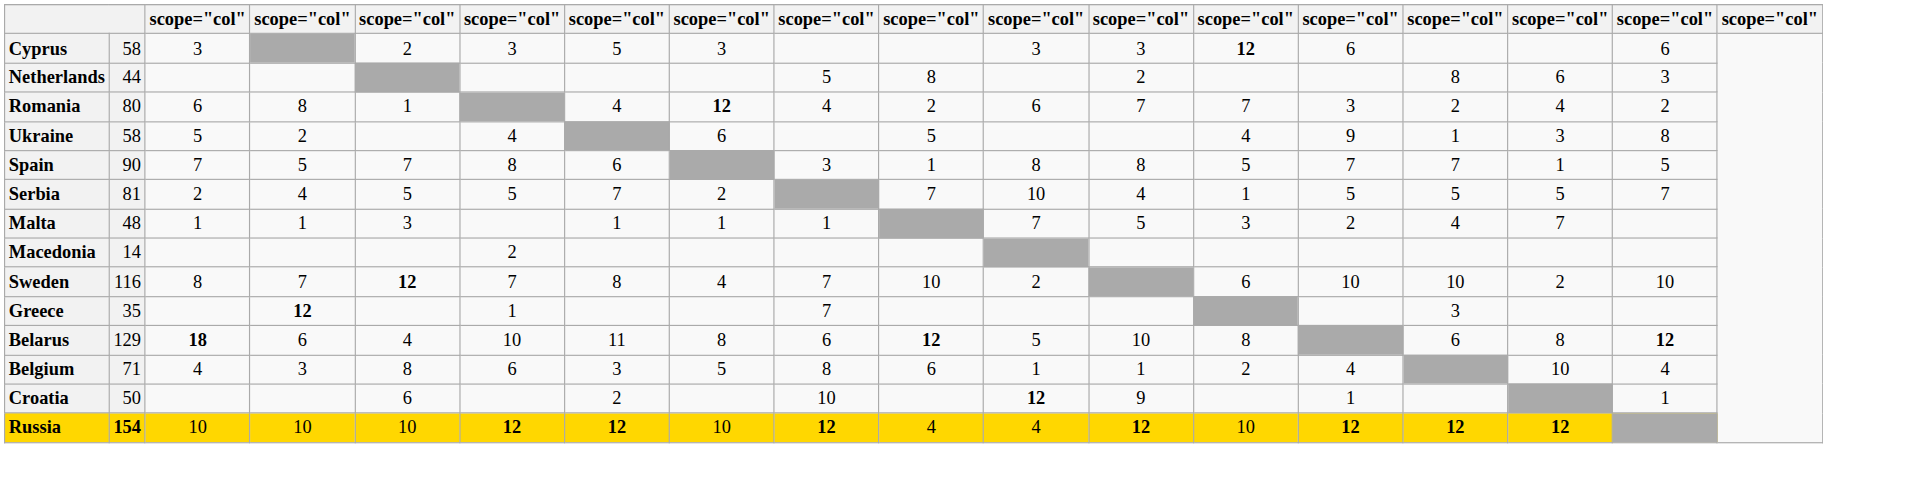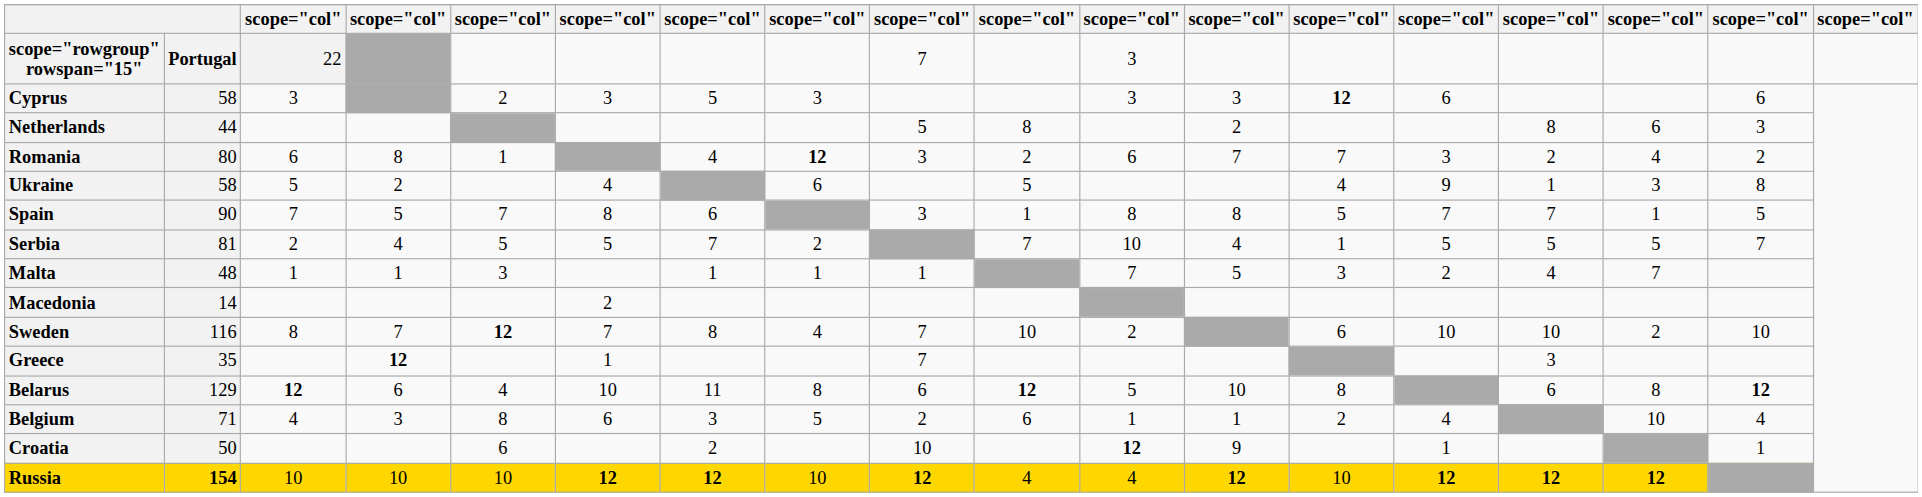 <table class="wikitable plainrowheaders" style="text-align:center;">
 <tr>
 </tr>
 <tr>
 <th colspan="2"></th>
 <th>scope="col" </th>
 <th>scope="col" </th>
 <th>scope="col" </th>
 <th>scope="col" </th>
 <th>scope="col" </th>
 <th>scope="col" </th>
 <th>scope="col" </th>
 <th>scope="col" </th>
 <th>scope="col" </th>
 <th>scope="col" </th>
 <th>scope="col" </th>
 <th>scope="col" </th>
 <th>scope="col" </th>
 <th>scope="col" </th>
 <th>scope="col" </th>
 <th>scope="col" </th>
+</tr>
+<tr>
+<th>scope="rowgroup" rowspan="15" </th>
+<th scope="row" style="text-align:left; background:#f2f2f2;">Portugal</th>
+<td style="text-align:right; background:#f2f2f2;">22</td>
+<td style="text-align:left; background:#aaa;"></td>
+<td></td>
+<td></td>
+<td></td>
+<td></td>
+<td>7</td>
+<td></td>
+<td>3</td>
+<td></td>
+<td></td>
+<td></td>
+<td></td>
+<td></td>
+<td></td>
+<td></td>
 </tr>
 <tr>
 <th scope="row" style="text-align:left; background:#f2f2f2;">Cyprus</th>
 <td style="text-align:right; background:#f2f2f2;">58</td>
 <td>3</td>
 <td style="text-align:left; background:#aaa;"></td>
 <td>2</td>
 <td>3</td>
 <td>5</td>
 <td>3</td>
 <td></td>
 <td></td>
 <td>3</td>
 <td>3</td>
 <td><strong>12</strong></td>
 <td>6</td>
 <td></td>
 <td></td>
 <td>6</td>
 </tr>
 <tr>
 <th scope="row" style="text-align:left; background:#f2f2f2;">Netherlands</th>
 <td style="text-align:right; background:#f2f2f2;">44</td>
 <td></td>
 <td></td>
 <td style="text-align:left; background:#aaa;"></td>
 <td></td>
 <td></td>
 <td></td>
 <td>5</td>
 <td>8</td>
 <td></td>
 <td>2</td>
 <td></td>
 <td></td>
 <td>8</td>
 <td>6</td>
 <td>3</td>
 </tr>
 <tr>
 <th scope="row" style="text-align:left; background:#f2f2f2;">Romania</th>
 <td style="text-align:right; background:#f2f2f2;">80</td>
 <td>6</td>
 <td>8</td>
 <td>1</td>
 <td style="text-align:left; background:#aaa;"></td>
 <td>4</td>
 <td><strong>12</strong></td>
-<td>4</td>
+<td>3</td>
 <td>2</td>
 <td>6</td>
 <td>7</td>
 <td>7</td>
 <td>3</td>
 <td>2</td>
 <td>4</td>
 <td>2</td>
 </tr>
 <tr>
 <th scope="row" style="text-align:left; background:#f2f2f2;">Ukraine</th>
 <td style="text-align:right; background:#f2f2f2;">58</td>
 <td>5</td>
 <td>2</td>
 <td></td>
 <td>4</td>
 <td style="text-align:left; background:#aaa;"></td>
 <td>6</td>
 <td></td>
 <td>5</td>
 <td></td>
 <td></td>
 <td>4</td>
 <td>9</td>
 <td>1</td>
 <td>3</td>
 <td>8</td>
 </tr>
 <tr>
 <th scope="row" style="text-align:left; background:#f2f2f2;">Spain</th>
 <td style="text-align:right; background:#f2f2f2;">90</td>
 <td>7</td>
 <td>5</td>
 <td>7</td>
 <td>8</td>
 <td>6</td>
 <td style="text-align:left; background:#aaa;"></td>
 <td>3</td>
 <td>1</td>
 <td>8</td>
 <td>8</td>
 <td>5</td>
 <td>7</td>
 <td>7</td>
 <td>1</td>
 <td>5</td>
 </tr>
 <tr>
 <th scope="row" style="text-align:left; background:#f2f2f2;">Serbia</th>
 <td style="text-align:right; background:#f2f2f2;">81</td>
 <td>2</td>
 <td>4</td>
 <td>5</td>
 <td>5</td>
 <td>7</td>
 <td>2</td>
 <td style="text-align:left; background:#aaa;"></td>
 <td>7</td>
 <td>10</td>
 <td>4</td>
 <td>1</td>
 <td>5</td>
 <td>5</td>
 <td>5</td>
 <td>7</td>
 </tr>
 <tr>
 <th scope="row" style="text-align:left; background:#f2f2f2;">Malta</th>
 <td style="text-align:right; background:#f2f2f2;">48</td>
 <td>1</td>
 <td>1</td>
 <td>3</td>
 <td></td>
 <td>1</td>
 <td>1</td>
 <td>1</td>
 <td style="text-align:left; background:#aaa;"></td>
 <td>7</td>
 <td>5</td>
 <td>3</td>
 <td>2</td>
 <td>4</td>
 <td>7</td>
 <td></td>
 </tr>
 <tr>
 <th scope="row" style="text-align:left; background:#f2f2f2;">Macedonia</th>
 <td style="text-align:right; background:#f2f2f2;">14</td>
 <td></td>
 <td></td>
 <td></td>
 <td>2</td>
 <td></td>
 <td></td>
 <td></td>
 <td></td>
 <td style="text-align:left; background:#aaa;"></td>
 <td></td>
 <td></td>
 <td></td>
 <td></td>
 <td></td>
 <td></td>
 </tr>
 <tr>
 <th scope="row" style="text-align:left; background:#f2f2f2;">Sweden</th>
 <td style="text-align:right; background:#f2f2f2;">116</td>
 <td>8</td>
 <td>7</td>
 <td><strong>12</strong></td>
 <td>7</td>
 <td>8</td>
 <td>4</td>
 <td>7</td>
 <td>10</td>
 <td>2</td>
 <td style="text-align:left; background:#aaa;"></td>
 <td>6</td>
 <td>10</td>
 <td>10</td>
 <td>2</td>
 <td>10</td>
 </tr>
 <tr>
 <th scope="row" style="text-align:left; background:#f2f2f2;">Greece</th>
 <td style="text-align:right; background:#f2f2f2;">35</td>
 <td></td>
 <td><strong>12</strong></td>
 <td></td>
 <td>1</td>
 <td></td>
 <td></td>
 <td>7</td>
 <td></td>
 <td></td>
 <td></td>
 <td style="text-align:left; background:#aaa;"></td>
 <td></td>
 <td>3</td>
 <td></td>
 <td></td>
 </tr>
 <tr>
 <th scope="row" style="text-align:left; background:#f2f2f2;">Belarus</th>
 <td style="text-align:right; background:#f2f2f2;">129</td>
-<td><strong>18</strong></td>
+<td><strong>12</strong></td>
 <td>6</td>
 <td>4</td>
 <td>10</td>
 <td>11</td>
 <td>8</td>
 <td>6</td>
 <td><strong>12</strong></td>
 <td>5</td>
 <td>10</td>
 <td>8</td>
 <td style="text-align:left; background:#aaa;"></td>
 <td>6</td>
 <td>8</td>
 <td><strong>12</strong></td>
 </tr>
 <tr>
 <th scope="row" style="text-align:left; background:#f2f2f2;">Belgium</th>
 <td style="text-align:right; background:#f2f2f2;">71</td>
 <td>4</td>
 <td>3</td>
 <td>8</td>
 <td>6</td>
 <td>3</td>
 <td>5</td>
-<td>8</td>
+<td>2</td>
 <td>6</td>
 <td>1</td>
 <td>1</td>
 <td>2</td>
 <td>4</td>
 <td style="text-align:left; background:#aaa;"></td>
 <td>10</td>
 <td>4</td>
 </tr>
 <tr>
 <th scope="row" style="text-align:left; background:#f2f2f2;">Croatia</th>
 <td style="text-align:right; background:#f2f2f2;">50</td>
 <td></td>
 <td></td>
 <td>6</td>
 <td></td>
 <td>2</td>
 <td></td>
 <td>10</td>
 <td></td>
 <td><strong>12</strong></td>
 <td>9</td>
 <td></td>
 <td>1</td>
 <td></td>
 <td style="text-align:left; background:#aaa;"></td>
 <td>1</td>
 </tr>
 <tr style="background:gold;">
 <th scope="row" style="text-align:left; font-weight:bold; background:gold;">Russia</th>
 <td style="text-align:right; font-weight:bold;">154</td>
 <td>10</td>
 <td>10</td>
 <td>10</td>
 <td><strong>12</strong></td>
 <td><strong>12</strong></td>
 <td>10</td>
 <td><strong>12</strong></td>
 <td>4</td>
 <td>4</td>
 <td><strong>12</strong></td>
 <td>10</td>
 <td><strong>12</strong></td>
 <td><strong>12</strong></td>
 <td><strong>12</strong></td>
 <td style="text-align:left; background:#aaa;"></td>
 </tr>
 </table>
